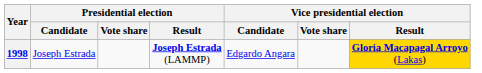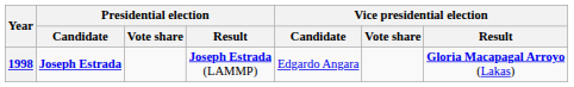 <table class="wikitable" style="text-align:center; font-size:90%">
 <tr>
 <th rowspan=2>Year</th>
 <th colspan=3>Presidential election</th>
 <th colspan=3>Vice presidential election</th>
 </tr>
 <tr>
 <th>Candidate</th>
 <th>Vote share</th>
 <th>Result</th>
 <th>Candidate</th>
 <th>Vote share</th>
 <th>Result</th>
 </tr>
 <tr>
 <th><a href='#'>1998</a></th>
-<td><a href='#'>Joseph Estrada</a></td>
+<td><strong><a href='#'>Joseph Estrada</a></strong></td>
 <td></td>
 <td><strong><a href='#'>Joseph Estrada</a></strong><br>(LAMMP)</td>
 <td><a href='#'>Edgardo Angara</a></td>
 <td></td>
-<td style="background: gold;"><strong><a href='#'>Gloria Macapagal Arroyo</a></strong><br>(<a href='#'>Lakas</a>)</td>
+<td><strong><a href='#'>Gloria Macapagal Arroyo</a></strong><br>(<a href='#'>Lakas</a>)</td>
 </tr>
 </table>
